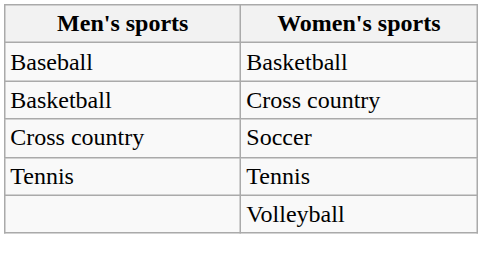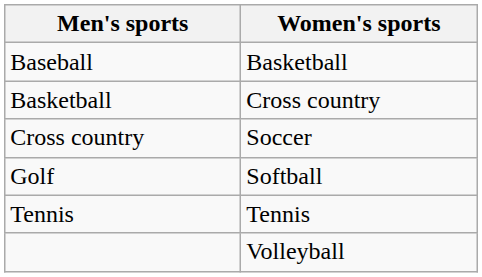 <table class="wikitable"; style= "text-align: ">
 <tr>
 <th width=150px>Men's sports</th>
 <th width=150px>Women's sports</th>
 </tr>
 <tr>
 <td>Baseball</td>
 <td>Basketball</td>
 </tr>
 <tr>
 <td>Basketball</td>
 <td>Cross country</td>
 </tr>
 <tr>
 <td>Cross country</td>
 <td>Soccer</td>
 </tr>
 <tr>
+<td>Golf</td>
+<td>Softball</td>
+</tr>
+<tr>
 <td>Tennis</td>
 <td>Tennis</td>
 </tr>
 <tr>
 <td></td>
 <td>Volleyball</td>
 </tr>
 </table>
